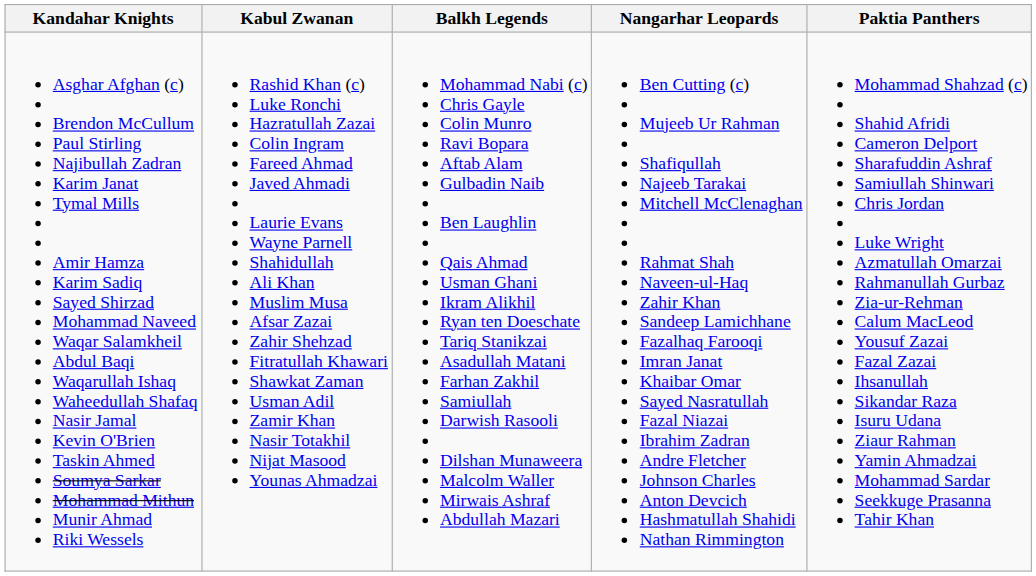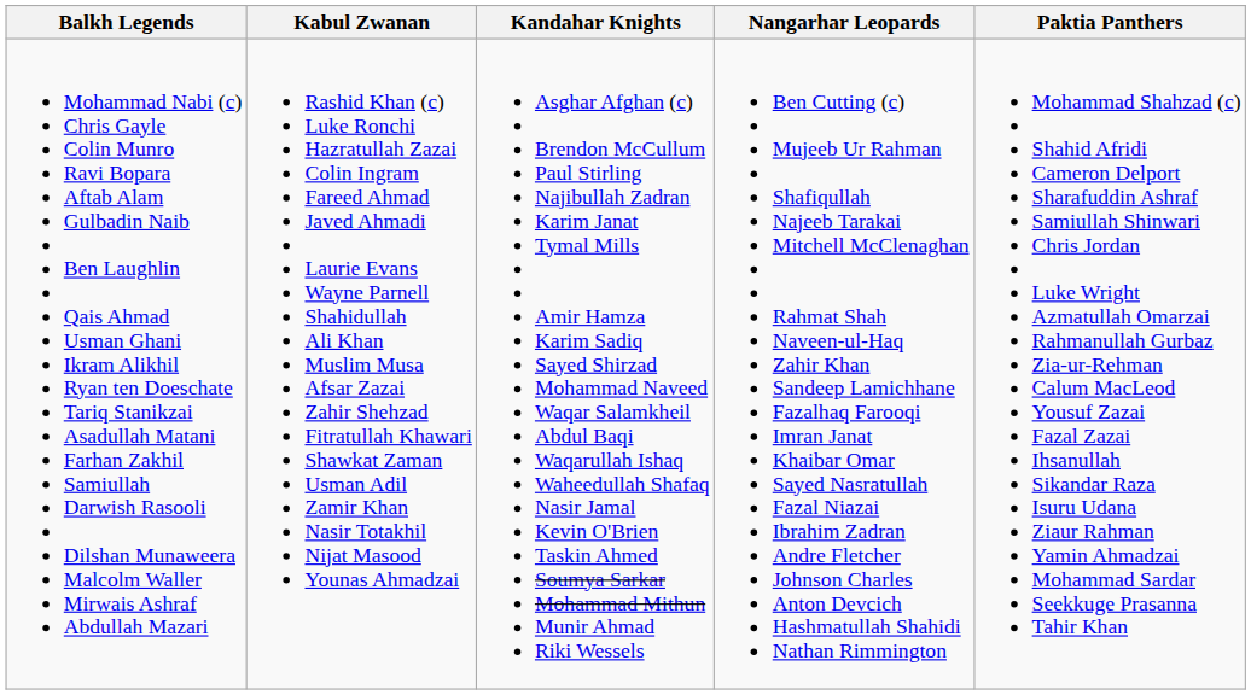 <table class="wikitable" style="text-align:left; margin:auto">
 <tr>
+<th>Balkh Legends</th>
+<th>Kabul Zwanan</th>
 <th>Kandahar Knights</th>
-<th>Kabul Zwanan</th>
-<th>Balkh Legends</th>
 <th>Nangarhar Leopards</th>
 <th>Paktia Panthers</th>
 </tr>
 <tr style="vertical-align:top">
+<td><br><ul><li><a href='#'>Mohammad Nabi</a> (<a href='#'>c</a>)</li><li><a href='#'>Chris Gayle</a></li><li><a href='#'>Colin Munro</a></li><li><a href='#'>Ravi Bopara</a></li><li><a href='#'>Aftab Alam</a></li><li><a href='#'>Gulbadin Naib</a></li><li></li><li><a href='#'>Ben Laughlin</a></li><li></li><li><a href='#'>Qais Ahmad</a></li><li><a href='#'>Usman Ghani</a></li><li><a href='#'>Ikram Alikhil</a></li><li><a href='#'>Ryan ten Doeschate</a></li><li><a href='#'>Tariq Stanikzai</a></li><li><a href='#'>Asadullah Matani</a></li><li><a href='#'>Farhan Zakhil</a></li><li><a href='#'>Samiullah</a></li><li><a href='#'>Darwish Rasooli</a></li><li></li><li><a href='#'>Dilshan Munaweera</a></li><li><a href='#'>Malcolm Waller</a></li><li><a href='#'>Mirwais Ashraf</a></li><li><a href='#'>Abdullah Mazari</a></li></ul></td>
+<td><br><ul><li><a href='#'>Rashid Khan</a> (<a href='#'>c</a>)</li><li><a href='#'>Luke Ronchi</a></li><li><a href='#'>Hazratullah Zazai</a></li><li><a href='#'>Colin Ingram</a></li><li><a href='#'>Fareed Ahmad</a></li><li><a href='#'>Javed Ahmadi</a></li><li></li><li><a href='#'>Laurie Evans</a></li><li><a href='#'>Wayne Parnell</a></li><li><a href='#'>Shahidullah</a></li><li><a href='#'>Ali Khan</a></li><li><a href='#'>Muslim Musa</a></li><li><a href='#'>Afsar Zazai</a></li><li><a href='#'>Zahir Shehzad</a></li><li><a href='#'>Fitratullah Khawari</a></li><li><a href='#'>Shawkat Zaman</a></li><li><a href='#'>Usman Adil</a></li><li><a href='#'>Zamir Khan</a></li><li><a href='#'>Nasir Totakhil</a></li><li><a href='#'>Nijat Masood</a></li><li><a href='#'>Younas Ahmadzai</a></li></ul></td>
 <td><br><ul><li><a href='#'>Asghar Afghan</a> (<a href='#'>c</a>)</li><li></li><li><a href='#'>Brendon McCullum</a></li><li><a href='#'>Paul Stirling</a></li><li><a href='#'>Najibullah Zadran</a></li><li><a href='#'>Karim Janat</a></li><li><a href='#'>Tymal Mills</a></li><li></li><li></li><li><a href='#'>Amir Hamza</a></li><li><a href='#'>Karim Sadiq</a></li><li><a href='#'>Sayed Shirzad</a></li><li><a href='#'>Mohammad Naveed</a></li><li><a href='#'>Waqar Salamkheil</a></li><li><a href='#'>Abdul Baqi</a></li><li><a href='#'>Waqarullah Ishaq</a></li><li><a href='#'>Waheedullah Shafaq</a></li><li><a href='#'>Nasir Jamal</a></li><li><a href='#'>Kevin O'Brien</a></li><li><a href='#'>Taskin Ahmed</a></li><li><s><a href='#'>Soumya Sarkar</a></s></li><li><s><a href='#'>Mohammad Mithun</a></s></li><li><a href='#'>Munir Ahmad</a></li><li><a href='#'>Riki Wessels</a></li></ul></td>
-<td><br><ul><li><a href='#'>Rashid Khan</a> (<a href='#'>c</a>)</li><li><a href='#'>Luke Ronchi</a></li><li><a href='#'>Hazratullah Zazai</a></li><li><a href='#'>Colin Ingram</a></li><li><a href='#'>Fareed Ahmad</a></li><li><a href='#'>Javed Ahmadi</a></li><li></li><li><a href='#'>Laurie Evans</a></li><li><a href='#'>Wayne Parnell</a></li><li><a href='#'>Shahidullah</a></li><li><a href='#'>Ali Khan</a></li><li><a href='#'>Muslim Musa</a></li><li><a href='#'>Afsar Zazai</a></li><li><a href='#'>Zahir Shehzad</a></li><li><a href='#'>Fitratullah Khawari</a></li><li><a href='#'>Shawkat Zaman</a></li><li><a href='#'>Usman Adil</a></li><li><a href='#'>Zamir Khan</a></li><li><a href='#'>Nasir Totakhil</a></li><li><a href='#'>Nijat Masood</a></li><li><a href='#'>Younas Ahmadzai</a></li></ul></td>
-<td><br><ul><li><a href='#'>Mohammad Nabi</a> (<a href='#'>c</a>)</li><li><a href='#'>Chris Gayle</a></li><li><a href='#'>Colin Munro</a></li><li><a href='#'>Ravi Bopara</a></li><li><a href='#'>Aftab Alam</a></li><li><a href='#'>Gulbadin Naib</a></li><li></li><li><a href='#'>Ben Laughlin</a></li><li></li><li><a href='#'>Qais Ahmad</a></li><li><a href='#'>Usman Ghani</a></li><li><a href='#'>Ikram Alikhil</a></li><li><a href='#'>Ryan ten Doeschate</a></li><li><a href='#'>Tariq Stanikzai</a></li><li><a href='#'>Asadullah Matani</a></li><li><a href='#'>Farhan Zakhil</a></li><li><a href='#'>Samiullah</a></li><li><a href='#'>Darwish Rasooli</a></li><li></li><li><a href='#'>Dilshan Munaweera</a></li><li><a href='#'>Malcolm Waller</a></li><li><a href='#'>Mirwais Ashraf</a></li><li><a href='#'>Abdullah Mazari</a></li></ul></td>
 <td><br><ul><li><a href='#'>Ben Cutting</a> (<a href='#'>c</a>)</li><li></li><li><a href='#'>Mujeeb Ur Rahman</a></li><li></li><li><a href='#'>Shafiqullah</a></li><li><a href='#'>Najeeb Tarakai</a></li><li><a href='#'>Mitchell McClenaghan</a></li><li></li><li></li><li><a href='#'>Rahmat Shah</a></li><li><a href='#'>Naveen-ul-Haq</a></li><li><a href='#'>Zahir Khan</a></li><li><a href='#'>Sandeep Lamichhane</a></li><li><a href='#'>Fazalhaq Farooqi</a></li><li><a href='#'>Imran Janat</a></li><li><a href='#'>Khaibar Omar</a></li><li><a href='#'>Sayed Nasratullah</a></li><li><a href='#'>Fazal Niazai</a></li><li><a href='#'>Ibrahim Zadran</a></li><li><a href='#'>Andre Fletcher</a></li><li><a href='#'>Johnson Charles</a></li><li><a href='#'>Anton Devcich</a></li><li><a href='#'>Hashmatullah Shahidi</a></li><li><a href='#'>Nathan Rimmington</a></li></ul></td>
 <td><br><ul><li><a href='#'>Mohammad Shahzad</a> (<a href='#'>c</a>)</li><li></li><li><a href='#'>Shahid Afridi</a></li><li><a href='#'>Cameron Delport</a></li><li><a href='#'>Sharafuddin Ashraf</a></li><li><a href='#'>Samiullah Shinwari</a></li><li><a href='#'>Chris Jordan</a></li><li></li><li><a href='#'>Luke Wright</a></li><li><a href='#'>Azmatullah Omarzai</a></li><li><a href='#'>Rahmanullah Gurbaz</a></li><li><a href='#'>Zia-ur-Rehman</a></li><li><a href='#'>Calum MacLeod</a></li><li><a href='#'>Yousuf Zazai</a></li><li><a href='#'>Fazal Zazai</a></li><li><a href='#'>Ihsanullah</a></li><li><a href='#'>Sikandar Raza</a></li><li><a href='#'>Isuru Udana</a></li><li><a href='#'>Ziaur Rahman</a></li><li><a href='#'>Yamin Ahmadzai</a></li><li><a href='#'>Mohammad Sardar</a></li><li><a href='#'>Seekkuge Prasanna</a></li><li><a href='#'>Tahir Khan</a></li></ul></td>
 </tr>
 </table>
